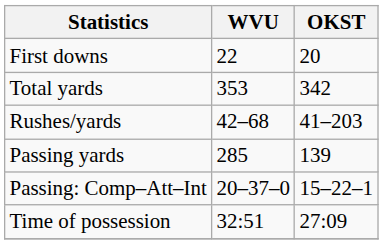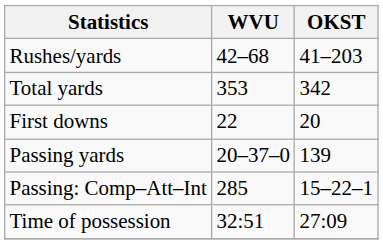 <table class="wikitable" style="float: left;">
 <tr>
 <th>Statistics</th>
 <th>WVU</th>
 <th>OKST</th>
 </tr>
 <tr>
-<td>First downs</td>
-<td>22</td>
-<td>20</td>
+<td>Rushes/yards</td>
+<td>42–68</td>
+<td>41–203</td>
 </tr>
 <tr>
 <td>Total yards</td>
 <td>353</td>
 <td>342</td>
 </tr>
 <tr>
-<td>Rushes/yards</td>
-<td>42–68</td>
-<td>41–203</td>
+<td>First downs</td>
+<td>22</td>
+<td>20</td>
 </tr>
 <tr>
 <td>Passing yards</td>
-<td>285</td>
+<td>20–37–0</td>
 <td>139</td>
 </tr>
 <tr>
 <td>Passing: Comp–Att–Int</td>
-<td>20–37–0</td>
+<td>285</td>
 <td>15–22–1</td>
 </tr>
 <tr>
 <td>Time of possession</td>
 <td>32:51</td>
 <td>27:09</td>
 </tr>
 <tr>
 </tr>
 </table>
